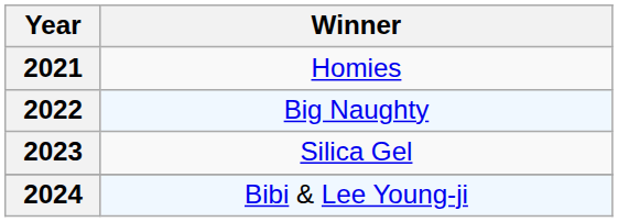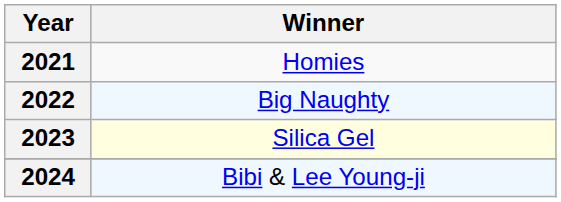 <table class="wikitable plainrowheaders" style="text-align: center">
 <tr>
 <th scope="col" width="50">Year</th>
 <th scope="col" width="300">Winner</th>
 </tr>
 <tr>
 <th scope="row" style="text-align:center;">2021</th>
 <td><a href='#'>Homies</a></td>
 </tr>
 <tr style="background:#F0F8FF">
 <th scope="row" style="text-align:center;">2022</th>
 <td><a href='#'>Big Naughty</a></td>
 </tr>
 <tr>
 <th scope="row" style="text-align:center;">2023</th>
-<td><a href='#'>Silica Gel</a></td>
+<td style="background: lightyellow;"><a href='#'>Silica Gel</a></td>
 </tr>
 <tr>
 </tr>
 <tr style="background:#F0F8FF">
 <th scope="row" style="text-align:center;">2024</th>
 <td><a href='#'>Bibi</a> & <a href='#'>Lee Young-ji</a></td>
 </tr>
 </table>
